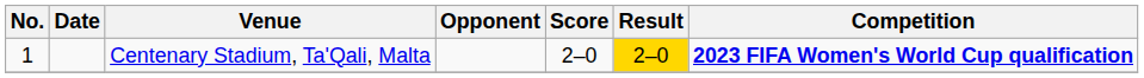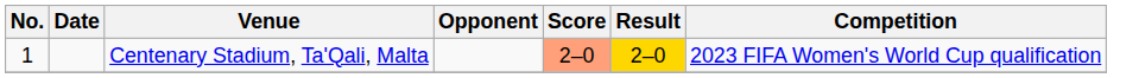 <table class="wikitable sortable">
 <tr>
 <th scope="col">No.</th>
 <th scope="col">Date</th>
 <th scope="col">Venue</th>
 <th scope="col">Opponent</th>
 <th scope="col">Score</th>
 <th scope="col">Result</th>
 <th scope="col">Competition</th>
 </tr>
 <tr>
 <td style="text-align:center">1</td>
 <td></td>
 <td><a href='#'>Centenary Stadium</a>, <a href='#'>Ta'Qali</a>, <a href='#'>Malta</a></td>
 <td></td>
-<td style="text-align:center">2–0</td>
+<td style="background: lightsalmon; text-align:center">2–0</td>
 <td style="background: gold; text-align:center">2–0</td>
-<td><strong><a href='#'>2023 FIFA Women's World Cup qualification</a></strong></td>
+<td><a href='#'>2023 FIFA Women's World Cup qualification</a></td>
 </tr>
 <tr>
 </tr>
 </table>
